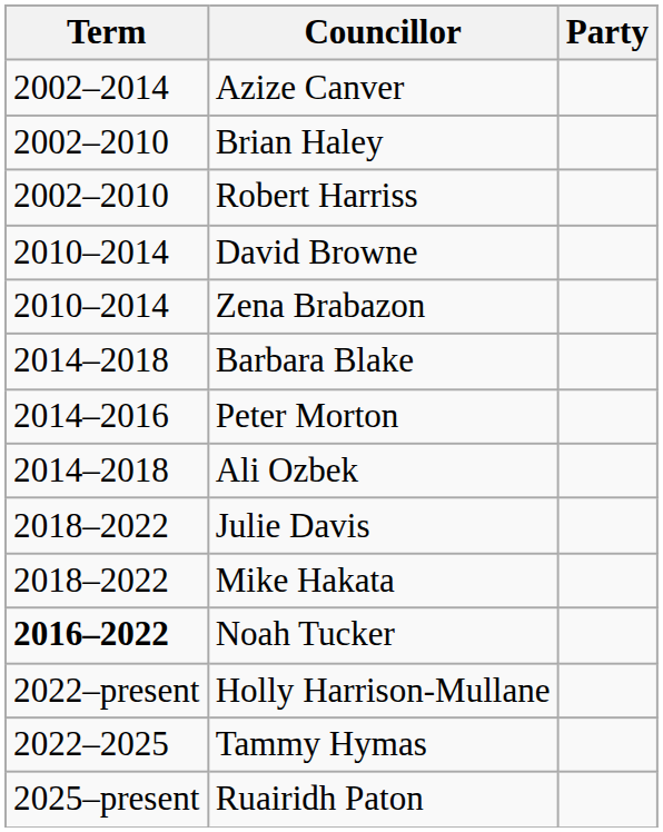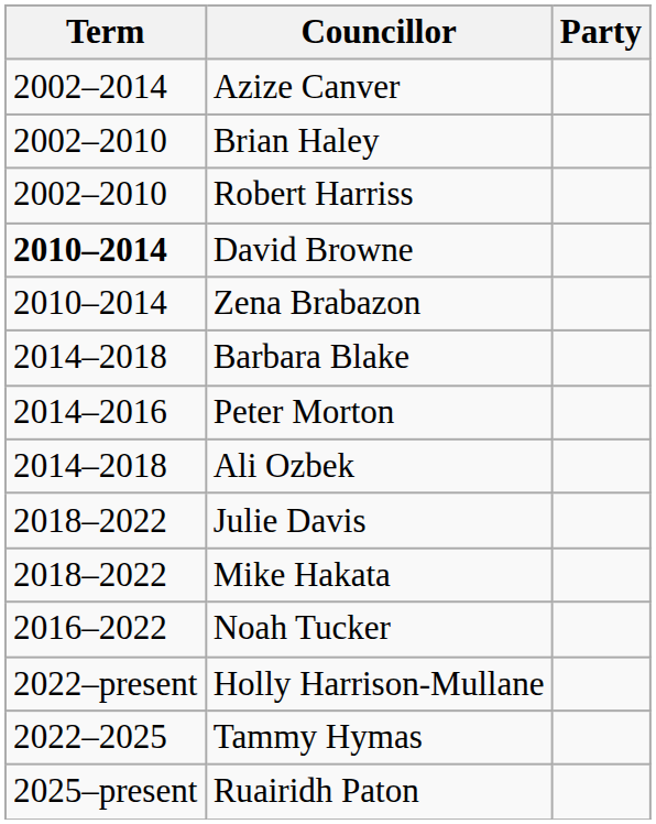 <table class="wikitable">
 <tr>
 <th>Term</th>
 <th>Councillor</th>
 <th colspan=2>Party</th>
 </tr>
 <tr>
 <td>2002–2014</td>
 <td>Azize Canver</td>
 <td></td>
 </tr>
 <tr>
 <td>2002–2010</td>
 <td>Brian Haley</td>
 <td></td>
 </tr>
 <tr>
 <td>2002–2010</td>
 <td>Robert Harriss</td>
 <td></td>
 </tr>
 <tr>
-<td>2010–2014</td>
+<td><strong>2010–2014</strong></td>
 <td>David Browne</td>
 <td></td>
 </tr>
 <tr>
 <td>2010–2014</td>
 <td>Zena Brabazon</td>
 <td></td>
 </tr>
 <tr>
 <td>2014–2018</td>
 <td>Barbara Blake</td>
 <td></td>
 </tr>
 <tr>
 <td>2014–2016</td>
 <td>Peter Morton</td>
 <td></td>
 </tr>
 <tr>
 <td>2014–2018</td>
 <td>Ali Ozbek</td>
 <td></td>
 </tr>
 <tr>
 <td>2018–2022</td>
 <td>Julie Davis</td>
 <td></td>
 </tr>
 <tr>
 <td>2018–2022</td>
 <td>Mike Hakata</td>
 <td></td>
 </tr>
 <tr>
-<td><strong>2016–2022</strong></td>
+<td>2016–2022</td>
 <td>Noah Tucker</td>
 <td></td>
 </tr>
 <tr>
 <td>2022–present</td>
 <td>Holly Harrison-Mullane</td>
 <td></td>
 </tr>
 <tr>
 <td>2022–2025</td>
 <td>Tammy Hymas</td>
 <td></td>
 </tr>
 <tr>
 <td>2025–present</td>
 <td>Ruairidh Paton</td>
 <td></td>
 </tr>
 </table>
